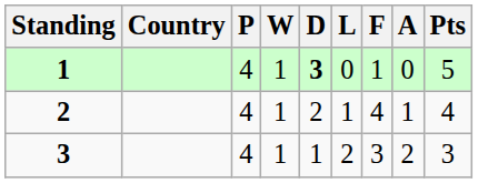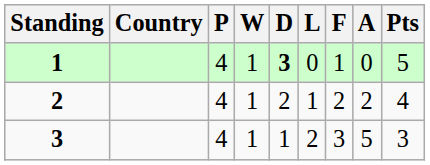 <table class="wikitable" style="text-align: center">
 <tr>
 <th scope="col">Standing</th>
 <th scope="col">Country</th>
 <th scope="col">P</th>
 <th scope="col">W</th>
 <th scope="col">D</th>
 <th scope="col">L</th>
 <th scope="col">F</th>
 <th scope="col">A</th>
 <th scope="col">Pts</th>
 </tr>
 <tr style="background:#ccffcc;">
 <td><strong>1</strong></td>
 <td style="text-align: left"><strong></strong></td>
 <td>4</td>
 <td>1</td>
 <td><strong>3</strong></td>
 <td>0</td>
 <td>1</td>
 <td>0</td>
 <td>5</td>
 </tr>
 <tr>
 <td><strong>2</strong></td>
 <td style="text-align: left"></td>
 <td>4</td>
 <td>1</td>
 <td>2</td>
 <td>1</td>
-<td>4</td>
-<td>1</td>
+<td>2</td>
+<td>2</td>
 <td>4</td>
 </tr>
 <tr>
 <td><strong>3</strong></td>
 <td style="text-align: left"></td>
 <td>4</td>
 <td>1</td>
 <td>1</td>
 <td>2</td>
 <td>3</td>
-<td>2</td>
+<td>5</td>
 <td>3</td>
 </tr>
 </table>
